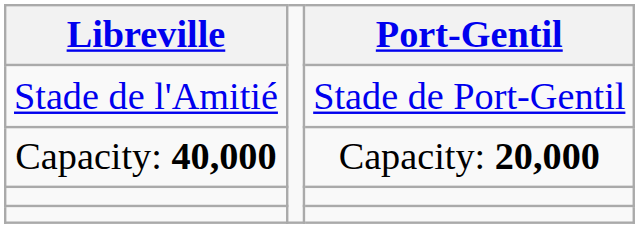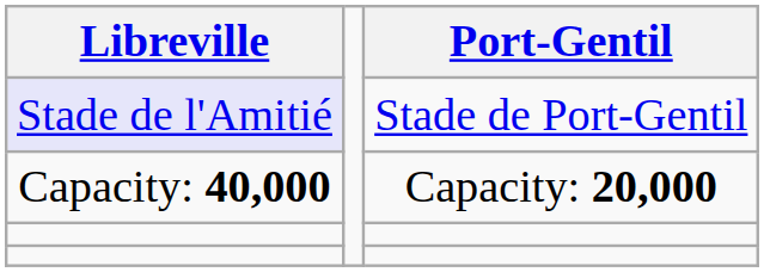 <table class="wikitable" style="text-align:center;">
 <tr>
 <th><a href='#'>Libreville</a></th>
 <td rowspan="5"><br></td>
 <th><a href='#'>Port-Gentil</a></th>
 </tr>
 <tr>
-<td><a href='#'>Stade de l'Amitié</a></td>
+<td style="background: lavender;"><a href='#'>Stade de l'Amitié</a></td>
 <td><a href='#'>Stade de Port-Gentil</a></td>
 </tr>
 <tr>
 <td>Capacity: <strong>40,000</strong></td>
 <td>Capacity: <strong>20,000</strong></td>
 </tr>
 <tr>
 <td></td>
 <td></td>
 </tr>
 <tr>
 <td><small></small></td>
 <td><small></small></td>
 </tr>
 </table>
